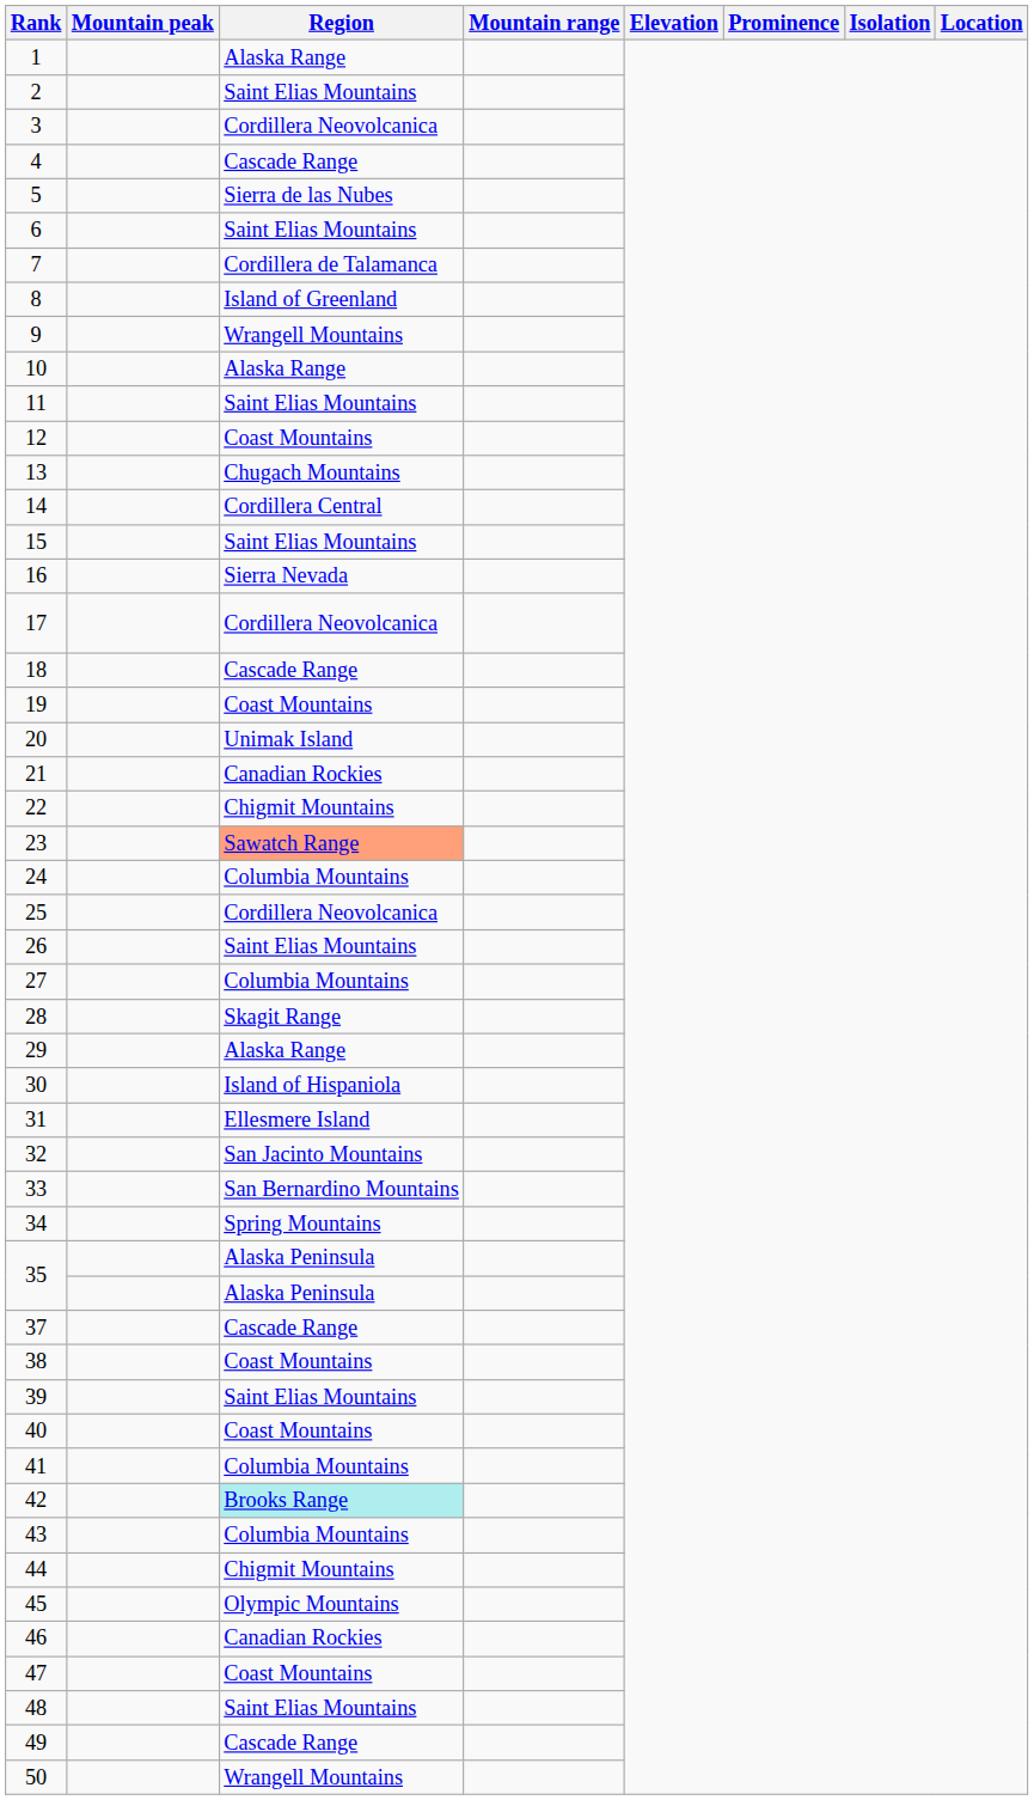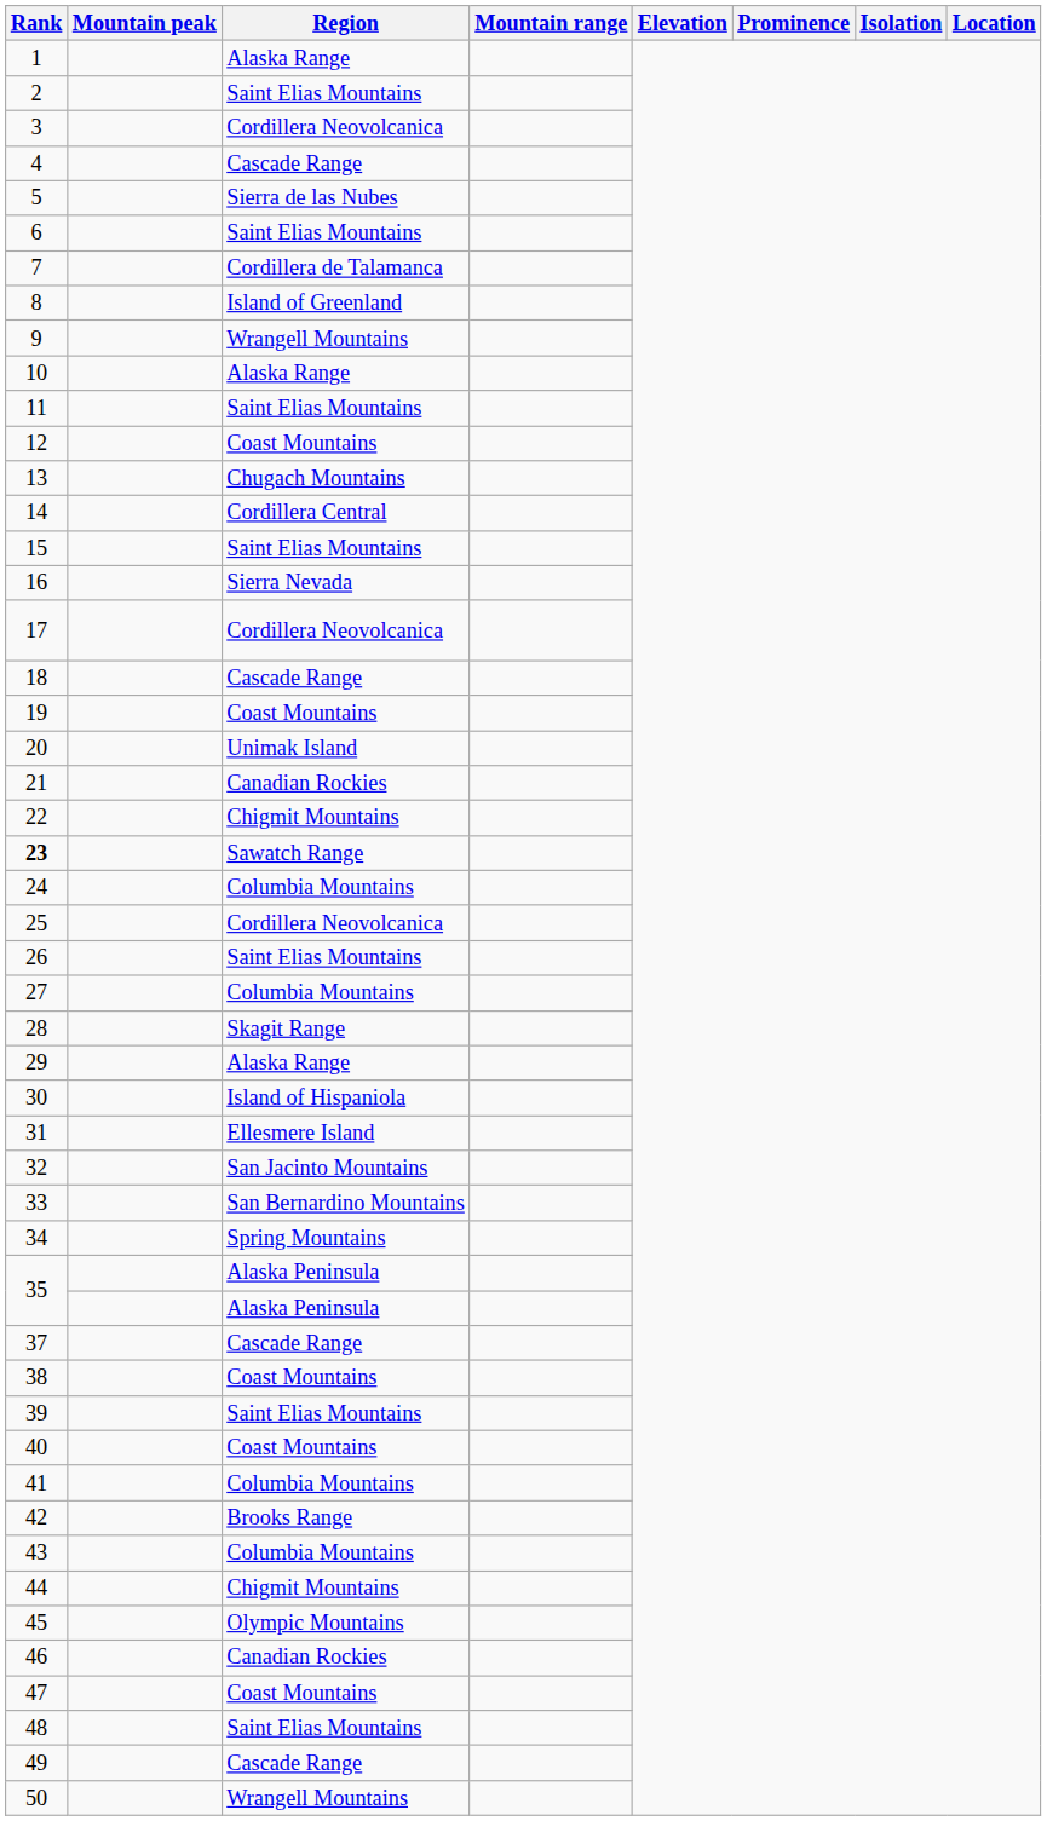 <table class="wikitable sortable">
 <tr>
 <th><a href='#'>Rank</a></th>
 <th><a href='#'>Mountain peak</a></th>
 <th><a href='#'>Region</a></th>
 <th><a href='#'>Mountain range</a></th>
 <th><a href='#'>Elevation</a></th>
 <th><a href='#'>Prominence</a></th>
 <th><a href='#'>Isolation</a></th>
 <th><a href='#'>Location</a></th>
 </tr>
 <tr>
 <td align=center>1<br></td>
 <td></td>
 <td><a href='#'>Alaska Range</a><br></td>
 <td></td>
 </tr>
 <tr>
 <td align=center>2<br></td>
 <td></td>
 <td><a href='#'>Saint Elias Mountains</a><br></td>
 <td></td>
 </tr>
 <tr>
 <td align=center>3<br></td>
 <td><br></td>
 <td><a href='#'>Cordillera Neovolcanica</a><br></td>
 <td></td>
 </tr>
 <tr>
 <td align=center>4<br></td>
 <td></td>
 <td><a href='#'>Cascade Range</a><br></td>
 <td></td>
 </tr>
 <tr>
 <td align=center>5<br></td>
 <td></td>
 <td><a href='#'>Sierra de las Nubes</a><br></td>
 <td></td>
 </tr>
 <tr>
 <td align=center>6<br></td>
 <td><br></td>
 <td><a href='#'>Saint Elias Mountains</a><br></td>
 <td></td>
 </tr>
 <tr>
 <td align=center>7<br></td>
 <td></td>
 <td><a href='#'>Cordillera de Talamanca</a><br></td>
 <td></td>
 </tr>
 <tr>
 <td align=center>8<br></td>
 <td></td>
 <td><a href='#'>Island of Greenland</a><br></td>
 <td></td>
 </tr>
 <tr>
 <td align=center>9<br></td>
 <td></td>
 <td><a href='#'>Wrangell Mountains</a><br></td>
 <td></td>
 </tr>
 <tr>
 <td align=center>10<br></td>
 <td></td>
 <td><a href='#'>Alaska Range</a><br></td>
 <td></td>
 </tr>
 <tr>
 <td align=center>11<br></td>
 <td><br></td>
 <td><a href='#'>Saint Elias Mountains</a><br></td>
 <td></td>
 </tr>
 <tr>
 <td align=center>12<br></td>
 <td></td>
 <td><a href='#'>Coast Mountains</a><br></td>
 <td></td>
 </tr>
 <tr>
 <td align=center>13<br></td>
 <td></td>
 <td><a href='#'>Chugach Mountains</a><br></td>
 <td></td>
 </tr>
 <tr>
 <td align=center>14<br></td>
 <td></td>
 <td><a href='#'>Cordillera Central</a><br></td>
 <td></td>
 </tr>
 <tr>
 <td align=center>15<br></td>
 <td></td>
 <td><a href='#'>Saint Elias Mountains</a><br></td>
 <td></td>
 </tr>
 <tr>
 <td align=center>16<br></td>
 <td></td>
 <td><a href='#'>Sierra Nevada</a><br></td>
 <td></td>
 </tr>
 <tr>
 <td align=center>17<br></td>
 <td><br><br></td>
 <td><a href='#'>Cordillera Neovolcanica</a><br></td>
 <td></td>
 </tr>
 <tr>
 <td align=center>18<br></td>
 <td></td>
 <td><a href='#'>Cascade Range</a><br></td>
 <td></td>
 </tr>
 <tr>
 <td align=center>19<br></td>
 <td></td>
 <td><a href='#'>Coast Mountains</a><br></td>
 <td></td>
 </tr>
 <tr>
 <td align=center>20<br></td>
 <td></td>
 <td><a href='#'>Unimak Island</a><br></td>
 <td></td>
 </tr>
 <tr>
 <td align=center>21<br></td>
 <td></td>
 <td><a href='#'>Canadian Rockies</a><br></td>
 <td></td>
 </tr>
 <tr>
 <td align=center>22<br></td>
 <td></td>
 <td><a href='#'>Chigmit Mountains</a><br></td>
 <td></td>
 </tr>
 <tr>
-<td align=center>23<br></td>
+<td align=center><strong>23<br></strong></td>
 <td></td>
-<td style="background: lightsalmon;"><a href='#'>Sawatch Range</a><br></td>
+<td><a href='#'>Sawatch Range</a><br></td>
 <td></td>
 </tr>
 <tr>
 <td align=center>24<br></td>
 <td></td>
 <td><a href='#'>Columbia Mountains</a><br></td>
 <td></td>
 </tr>
 <tr>
 <td align=center>25<br></td>
 <td></td>
 <td><a href='#'>Cordillera Neovolcanica</a><br></td>
 <td></td>
 </tr>
 <tr>
 <td align=center>26<br></td>
 <td></td>
 <td><a href='#'>Saint Elias Mountains</a><br></td>
 <td></td>
 </tr>
 <tr>
 <td align=center>27<br></td>
 <td></td>
 <td><a href='#'>Columbia Mountains</a><br></td>
 <td></td>
 </tr>
 <tr>
 <td align=center>28<br></td>
 <td></td>
 <td><a href='#'>Skagit Range</a><br></td>
 <td></td>
 </tr>
 <tr>
 <td align=center>29<br></td>
 <td></td>
 <td><a href='#'>Alaska Range</a><br></td>
 <td></td>
 </tr>
 <tr>
 <td align=center>30<br></td>
 <td></td>
 <td><a href='#'>Island of Hispaniola</a><br></td>
 <td></td>
 </tr>
 <tr>
 <td align=center>31<br></td>
 <td></td>
 <td><a href='#'>Ellesmere Island</a><br></td>
 <td></td>
 </tr>
 <tr>
 <td align=center>32<br></td>
 <td></td>
 <td><a href='#'>San Jacinto Mountains</a><br></td>
 <td></td>
 </tr>
 <tr>
 <td align=center>33<br></td>
 <td></td>
 <td><a href='#'>San Bernardino Mountains</a><br></td>
 <td></td>
 </tr>
 <tr>
 <td align=center>34<br></td>
 <td></td>
 <td><a href='#'>Spring Mountains</a><br></td>
 <td></td>
 </tr>
 <tr>
 <td align=center rowspan=2>35<br></td>
 <td></td>
 <td><a href='#'>Alaska Peninsula</a><br></td>
 <td></td>
 </tr>
 <tr>
 <td></td>
 <td><a href='#'>Alaska Peninsula</a><br></td>
 <td></td>
 </tr>
 <tr>
 <td align=center>37<br></td>
 <td></td>
 <td><a href='#'>Cascade Range</a><br></td>
 <td></td>
 </tr>
 <tr>
 <td align=center>38<br></td>
 <td></td>
 <td><a href='#'>Coast Mountains</a><br></td>
 <td></td>
 </tr>
 <tr>
 <td align=center>39<br></td>
 <td><br></td>
 <td><a href='#'>Saint Elias Mountains</a><br></td>
 <td></td>
 </tr>
 <tr>
 <td align=center>40<br></td>
 <td></td>
 <td><a href='#'>Coast Mountains</a><br></td>
 <td></td>
 </tr>
 <tr>
 <td align=center>41<br></td>
 <td></td>
 <td><a href='#'>Columbia Mountains</a><br></td>
 <td></td>
 </tr>
 <tr>
 <td align=center>42<br></td>
 <td></td>
-<td style="background: paleturquoise;"><a href='#'>Brooks Range</a><br></td>
+<td><a href='#'>Brooks Range</a><br></td>
 <td></td>
 </tr>
 <tr>
 <td align=center>43<br></td>
 <td></td>
 <td><a href='#'>Columbia Mountains</a><br></td>
 <td></td>
 </tr>
 <tr>
 <td align=center>44<br></td>
 <td></td>
 <td><a href='#'>Chigmit Mountains</a><br></td>
 <td></td>
 </tr>
 <tr>
 <td align=center>45<br></td>
 <td></td>
 <td><a href='#'>Olympic Mountains</a><br></td>
 <td></td>
 </tr>
 <tr>
 <td align=center>46<br></td>
 <td><br></td>
 <td><a href='#'>Canadian Rockies</a><br></td>
 <td></td>
 </tr>
 <tr>
 <td align=center>47<br></td>
 <td></td>
 <td><a href='#'>Coast Mountains</a><br></td>
 <td></td>
 </tr>
 <tr>
 <td align=center>48<br></td>
 <td><br></td>
 <td><a href='#'>Saint Elias Mountains</a><br></td>
 <td></td>
 </tr>
 <tr>
 <td align=center>49<br></td>
 <td></td>
 <td><a href='#'>Cascade Range</a><br></td>
 <td></td>
 </tr>
 <tr>
 <td align=center>50<br></td>
 <td></td>
 <td><a href='#'>Wrangell Mountains</a><br></td>
 <td></td>
 </tr>
 </table>
